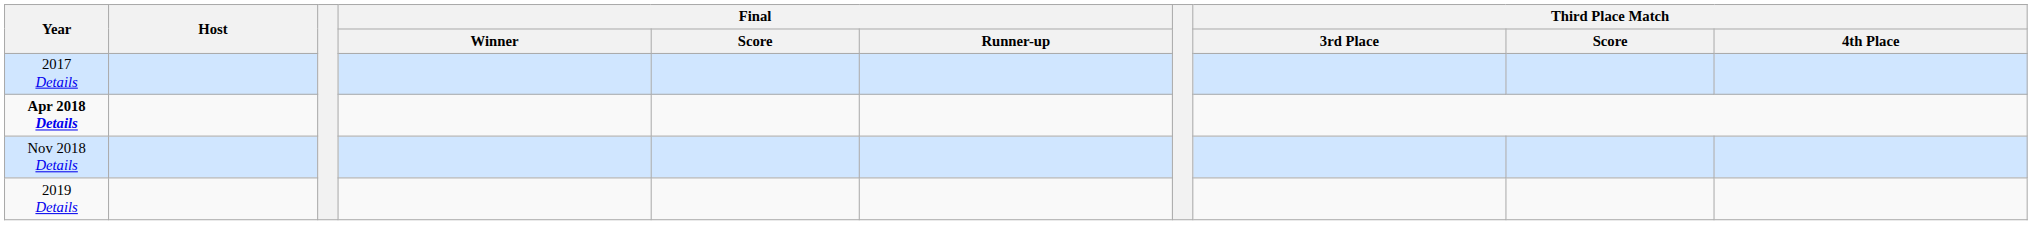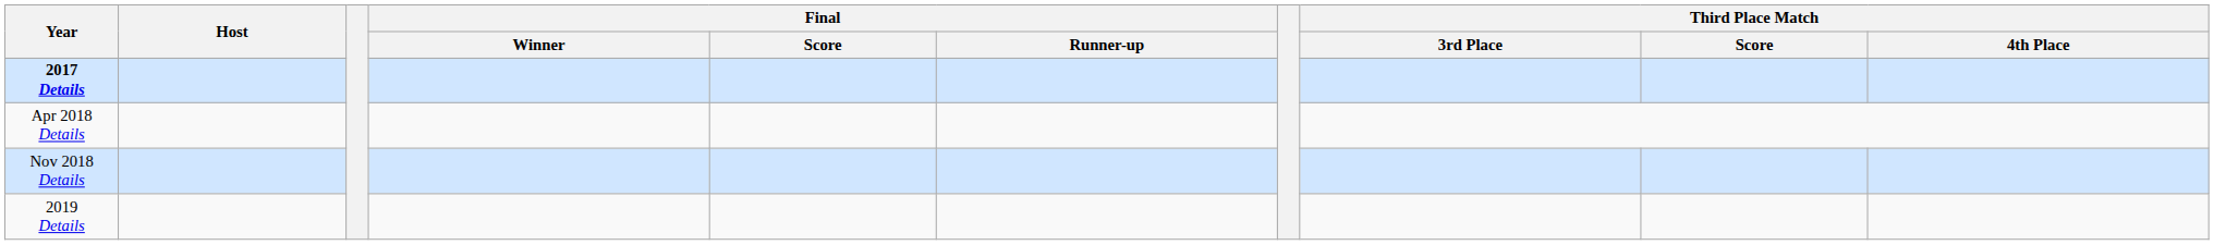 <table class="wikitable" style="font-size: 90%; text-align: center; width: 100%;">
 <tr>
 <th rowspan="2" width="5%">Year</th>
 <th rowspan="2" width="10%">Host</th>
 <th width="1%" rowspan="15"></th>
 <th colspan="3">Final</th>
 <th width="1%" rowspan="15"></th>
 <th colspan="3">Third Place Match</th>
 </tr>
 <tr>
 <th width="15%">Winner</th>
 <th width="10%">Score</th>
 <th width="15%">Runner-up</th>
 <th width="15%">3rd Place</th>
 <th width="10%">Score</th>
 <th width="15%">4th Place</th>
 </tr>
 <tr style="background: #D0E6FF;">
-<td>2017<br><em><a href='#'>Details</a></em></td>
+<td><strong>2017<br><em><a href='#'>Details</a></em></strong></td>
 <td align=left></td>
 <td><strong></strong></td>
 <td></td>
 <td></td>
 <td></td>
 <td></td>
 <td></td>
 </tr>
 <tr>
-<td><strong>Apr 2018<br><em><a href='#'>Details</a></em></strong></td>
+<td>Apr 2018<br><em><a href='#'>Details</a></em></td>
 <td align=left></td>
 <td><strong></strong></td>
 <td></td>
 <td></td>
 <td colspan=3></td>
 </tr>
 <tr style="background: #D0E6FF;">
 <td>Nov 2018<br><em><a href='#'>Details</a></em></td>
 <td align=left></td>
 <td><strong></strong></td>
 <td></td>
 <td></td>
 <td></td>
 <td></td>
 <td></td>
 </tr>
 <tr>
 <td>2019<br><em><a href='#'>Details</a></em></td>
 <td align=left></td>
 <td><strong></strong></td>
 <td></td>
 <td></td>
 <td></td>
 <td></td>
 <td></td>
 </tr>
 </table>
